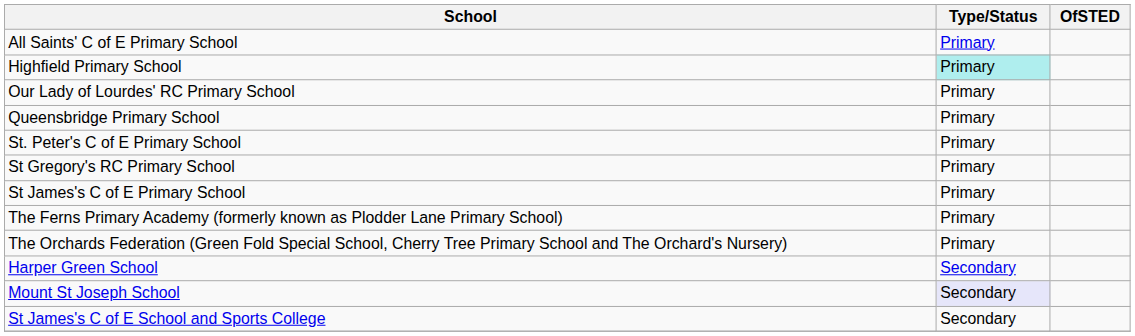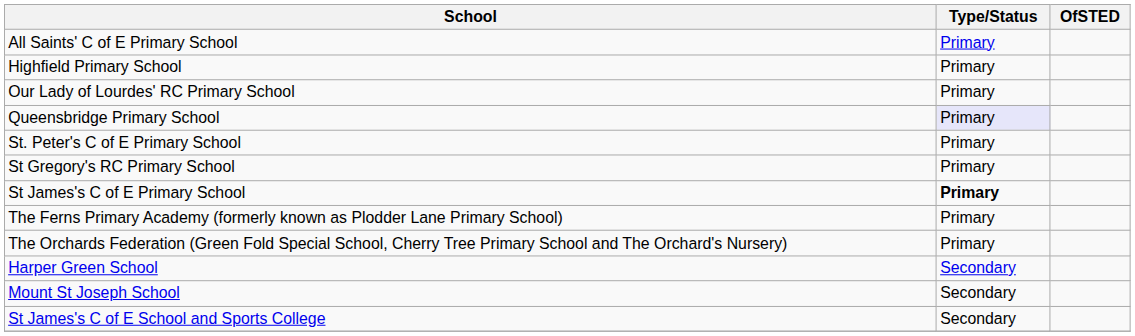 <table class="wikitable" width=90%>
 <tr>
 <th>School</th>
 <th>Type/Status</th>
 <th>OfSTED</th>
 </tr>
 <tr>
 <td>All Saints' C of E Primary School</td>
 <td><a href='#'>Primary</a></td>
 <td></td>
 </tr>
 <tr>
 <td>Highfield Primary School</td>
-<td style="background: paleturquoise;">Primary</td>
+<td>Primary</td>
 <td></td>
 </tr>
 <tr>
 <td>Our Lady of Lourdes' RC Primary School</td>
 <td>Primary</td>
 <td></td>
 </tr>
 <tr>
 <td>Queensbridge Primary School</td>
-<td>Primary</td>
+<td style="background: lavender;">Primary</td>
 <td></td>
 </tr>
 <tr>
 <td>St. Peter's C of E Primary School</td>
 <td>Primary</td>
 <td></td>
 </tr>
 <tr>
 <td>St Gregory's RC Primary School</td>
 <td>Primary</td>
 <td></td>
 </tr>
 <tr>
 <td>St James's C of E Primary School</td>
-<td>Primary</td>
+<td><strong>Primary</strong></td>
 <td></td>
 </tr>
 <tr>
 <td>The Ferns Primary Academy (formerly known as Plodder Lane Primary School)</td>
 <td>Primary</td>
 <td></td>
 </tr>
 <tr>
 <td>The Orchards Federation (Green Fold Special School, Cherry Tree Primary School and The Orchard's Nursery)</td>
 <td>Primary</td>
 <td></td>
 </tr>
 <tr>
 <td><a href='#'>Harper Green School</a></td>
 <td><a href='#'>Secondary</a></td>
 <td></td>
 </tr>
 <tr>
 <td><a href='#'>Mount St Joseph School</a></td>
-<td style="background: lavender;">Secondary</td>
+<td>Secondary</td>
 <td></td>
 </tr>
 <tr>
 <td><a href='#'>St James's C of E School and Sports College</a></td>
 <td>Secondary</td>
 <td></td>
 </tr>
 <tr>
 </tr>
 </table>
